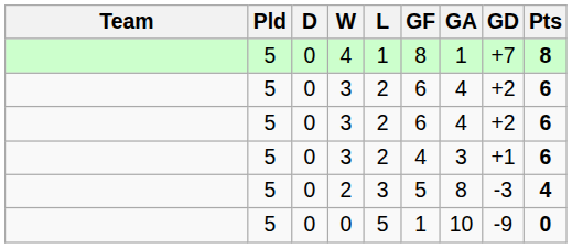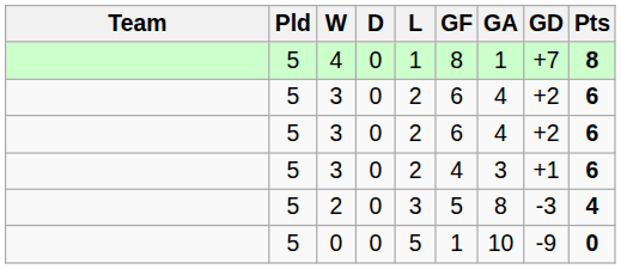 <table class="wikitable" style="text-align:center;">
 <tr>
 <th width=175>Team</th>
 <th width=20 abbr="Played">Pld</th>
+<th width=20 abbr="Won">W</th>
 <th width=20 abbr="Drawn">D</th>
-<th width=20 abbr="Won">W</th>
 <th width=20 abbr="Lost">L</th>
 <th width=20 abbr="Goals for">GF</th>
 <th width=20 abbr="Goals against">GA</th>
 <th width=20 abbr="Goal difference">GD</th>
 <th width=20 abbr="Points">Pts</th>
 </tr>
 <tr bgcolor=#ccffcc>
 <td align=left></td>
 <td>5</td>
+<td>4</td>
 <td>0</td>
-<td>4</td>
 <td>1</td>
 <td>8</td>
 <td>1</td>
 <td>+7</td>
 <td><strong>8</strong></td>
 </tr>
 <tr>
 <td align=left></td>
 <td>5</td>
+<td>3</td>
 <td>0</td>
-<td>3</td>
 <td>2</td>
 <td>6</td>
 <td>4</td>
 <td>+2</td>
 <td><strong>6</strong></td>
 </tr>
 <tr>
 <td align=left></td>
 <td>5</td>
+<td>3</td>
 <td>0</td>
-<td>3</td>
 <td>2</td>
 <td>6</td>
 <td>4</td>
 <td>+2</td>
 <td><strong>6</strong></td>
 </tr>
 <tr>
 <td align=left></td>
 <td>5</td>
+<td>3</td>
 <td>0</td>
-<td>3</td>
 <td>2</td>
 <td>4</td>
 <td>3</td>
 <td>+1</td>
 <td><strong>6</strong></td>
 </tr>
 <tr>
 <td align=left></td>
 <td>5</td>
+<td>2</td>
 <td>0</td>
-<td>2</td>
 <td>3</td>
 <td>5</td>
 <td>8</td>
 <td>-3</td>
 <td><strong>4</strong></td>
 </tr>
 <tr>
 <td align=left></td>
 <td>5</td>
 <td>0</td>
 <td>0</td>
 <td>5</td>
 <td>1</td>
 <td>10</td>
 <td>-9</td>
 <td><strong>0</strong></td>
 </tr>
 </table>
